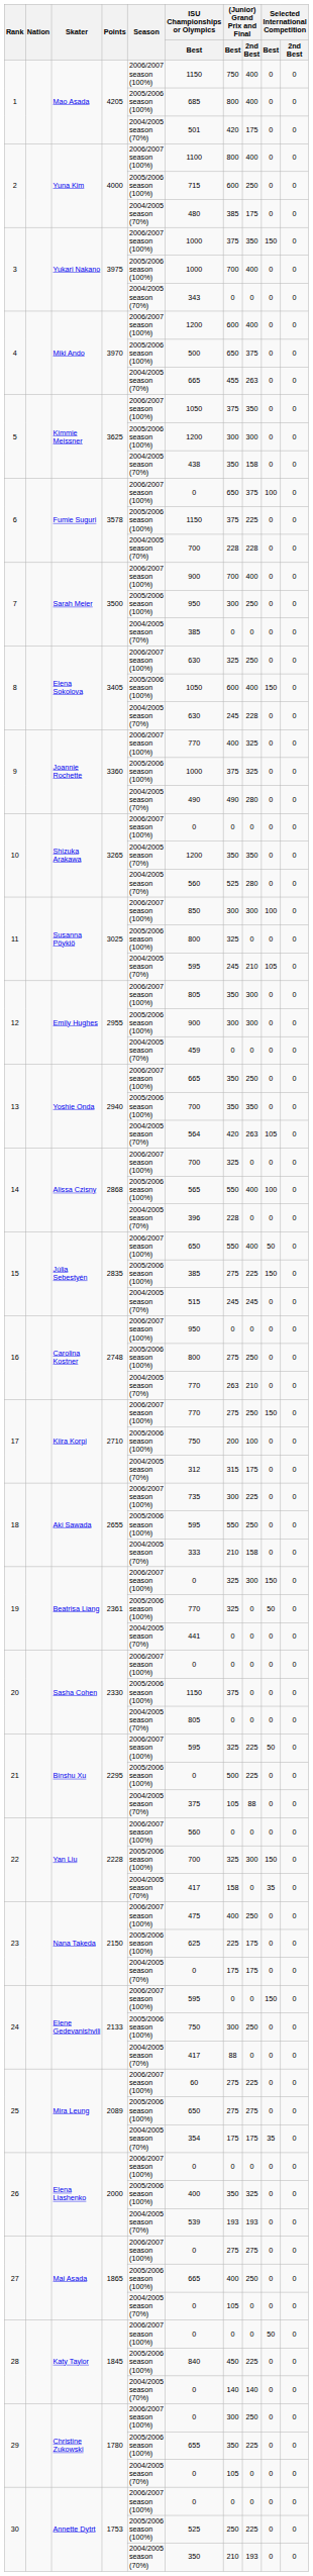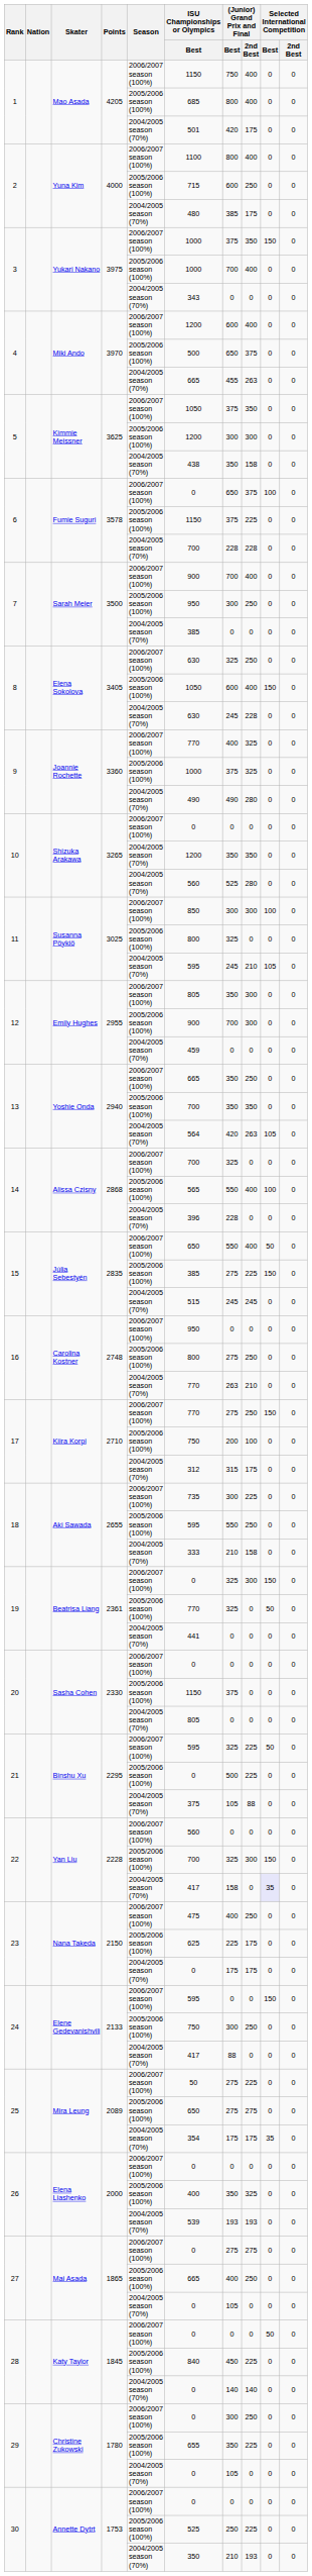 <table class="wikitable sortable" style="text-align: center;">
 <tr>
 <th rowspan="2">Rank</th>
 <th rowspan="2">Nation</th>
 <th rowspan="2">Skater</th>
 <th rowspan="2">Points</th>
 <th rowspan="2">Season</th>
 <th>ISU <br> Championships <br> or Olympics</th>
 <th colspan="2">(Junior) Grand <br> Prix and Final</th>
 <th colspan="2">Selected <br> International <br> Competition</th>
 </tr>
 <tr>
 <th>Best</th>
 <th>Best</th>
 <th>2nd Best</th>
 <th>Best</th>
 <th>2nd Best</th>
 </tr>
 <tr>
 <td rowspan="3">1</td>
 <td rowspan="3" style="text-align: left;"></td>
 <td rowspan="3" style="text-align: left;"><a href='#'>Mao Asada</a></td>
 <td rowspan="3">4205</td>
 <td style="text-align: left;">2006/2007 season (100%)</td>
 <td>1150</td>
 <td>750</td>
 <td>400</td>
 <td>0</td>
 <td>0</td>
 </tr>
 <tr>
 <td style="text-align: left;">2005/2006 season (100%)</td>
 <td>685</td>
 <td>800</td>
 <td>400</td>
 <td>0</td>
 <td>0</td>
 </tr>
 <tr>
 <td style="text-align: left;">2004/2005 season (70%)</td>
 <td>501</td>
 <td>420</td>
 <td>175</td>
 <td>0</td>
 <td>0</td>
 </tr>
 <tr>
 <td rowspan="3">2</td>
 <td rowspan="3" style="text-align: left;"></td>
 <td rowspan="3" style="text-align: left;"><a href='#'>Yuna Kim</a></td>
 <td rowspan="3">4000</td>
 <td style="text-align: left;">2006/2007 season (100%)</td>
 <td>1100</td>
 <td>800</td>
 <td>400</td>
 <td>0</td>
 <td>0</td>
 </tr>
 <tr>
 <td style="text-align: left;">2005/2006 season (100%)</td>
 <td>715</td>
 <td>600</td>
 <td>250</td>
 <td>0</td>
 <td>0</td>
 </tr>
 <tr>
 <td style="text-align: left;">2004/2005 season (70%)</td>
 <td>480</td>
 <td>385</td>
 <td>175</td>
 <td>0</td>
 <td>0</td>
 </tr>
 <tr>
 <td rowspan="3">3</td>
 <td rowspan="3" style="text-align: left;"></td>
 <td rowspan="3" style="text-align: left;"><a href='#'>Yukari Nakano</a></td>
 <td rowspan="3">3975</td>
 <td style="text-align: left;">2006/2007 season (100%)</td>
 <td>1000</td>
 <td>375</td>
 <td>350</td>
 <td>150</td>
 <td>0</td>
 </tr>
 <tr>
 <td style="text-align: left;">2005/2006 season (100%)</td>
 <td>1000</td>
 <td>700</td>
 <td>400</td>
 <td>0</td>
 <td>0</td>
 </tr>
 <tr>
 <td style="text-align: left;">2004/2005 season (70%)</td>
 <td>343</td>
 <td>0</td>
 <td>0</td>
 <td>0</td>
 <td>0</td>
 </tr>
 <tr>
 <td rowspan="3">4</td>
 <td rowspan="3" style="text-align: left;"></td>
 <td rowspan="3" style="text-align: left;"><a href='#'>Miki Ando</a></td>
 <td rowspan="3">3970</td>
 <td style="text-align: left;">2006/2007 season (100%)</td>
 <td>1200</td>
 <td>600</td>
 <td>400</td>
 <td>0</td>
 <td>0</td>
 </tr>
 <tr>
 <td style="text-align: left;">2005/2006 season (100%)</td>
 <td>500</td>
 <td>650</td>
 <td>375</td>
 <td>0</td>
 <td>0</td>
 </tr>
 <tr>
 <td style="text-align: left;">2004/2005 season (70%)</td>
 <td>665</td>
 <td>455</td>
 <td>263</td>
 <td>0</td>
 <td>0</td>
 </tr>
 <tr>
 <td rowspan="3">5</td>
 <td rowspan="3" style="text-align: left;"></td>
 <td rowspan="3" style="text-align: left;"><a href='#'>Kimmie Meissner</a></td>
 <td rowspan="3">3625</td>
 <td style="text-align: left;">2006/2007 season (100%)</td>
 <td>1050</td>
 <td>375</td>
 <td>350</td>
 <td>0</td>
 <td>0</td>
 </tr>
 <tr>
 <td style="text-align: left;">2005/2006 season (100%)</td>
 <td>1200</td>
 <td>300</td>
 <td>300</td>
 <td>0</td>
 <td>0</td>
 </tr>
 <tr>
 <td style="text-align: left;">2004/2005 season (70%)</td>
 <td>438</td>
 <td>350</td>
 <td>158</td>
 <td>0</td>
 <td>0</td>
 </tr>
 <tr>
 <td rowspan="3">6</td>
 <td rowspan="3" style="text-align: left;"></td>
 <td rowspan="3" style="text-align: left;"><a href='#'>Fumie Suguri</a></td>
 <td rowspan="3">3578</td>
 <td style="text-align: left;">2006/2007 season (100%)</td>
 <td>0</td>
 <td>650</td>
 <td>375</td>
 <td>100</td>
 <td>0</td>
 </tr>
 <tr>
 <td style="text-align: left;">2005/2006 season (100%)</td>
 <td>1150</td>
 <td>375</td>
 <td>225</td>
 <td>0</td>
 <td>0</td>
 </tr>
 <tr>
 <td style="text-align: left;">2004/2005 season (70%)</td>
 <td>700</td>
 <td>228</td>
 <td>228</td>
 <td>0</td>
 <td>0</td>
 </tr>
 <tr>
 <td rowspan="3">7</td>
 <td rowspan="3" style="text-align: left;"></td>
 <td rowspan="3" style="text-align: left;"><a href='#'>Sarah Meier</a></td>
 <td rowspan="3">3500</td>
 <td style="text-align: left;">2006/2007 season (100%)</td>
 <td>900</td>
 <td>700</td>
 <td>400</td>
 <td>0</td>
 <td>0</td>
 </tr>
 <tr>
 <td style="text-align: left;">2005/2006 season (100%)</td>
 <td>950</td>
 <td>300</td>
 <td>250</td>
 <td>0</td>
 <td>0</td>
 </tr>
 <tr>
 <td style="text-align: left;">2004/2005 season (70%)</td>
 <td>385</td>
 <td>0</td>
 <td>0</td>
 <td>0</td>
 <td>0</td>
 </tr>
 <tr>
 <td rowspan="3">8</td>
 <td rowspan="3" style="text-align: left;"></td>
 <td rowspan="3" style="text-align: left;"><a href='#'>Elena Sokolova</a></td>
 <td rowspan="3">3405</td>
 <td style="text-align: left;">2006/2007 season (100%)</td>
 <td>630</td>
 <td>325</td>
 <td>250</td>
 <td>0</td>
 <td>0</td>
 </tr>
 <tr>
 <td style="text-align: left;">2005/2006 season (100%)</td>
 <td>1050</td>
 <td>600</td>
 <td>400</td>
 <td>150</td>
 <td>0</td>
 </tr>
 <tr>
 <td style="text-align: left;">2004/2005 season (70%)</td>
 <td>630</td>
 <td>245</td>
 <td>228</td>
 <td>0</td>
 <td>0</td>
 </tr>
 <tr>
 <td rowspan="3">9</td>
 <td rowspan="3" style="text-align: left;"></td>
 <td rowspan="3" style="text-align: left;"><a href='#'>Joannie Rochette</a></td>
 <td rowspan="3">3360</td>
 <td style="text-align: left;">2006/2007 season (100%)</td>
 <td>770</td>
 <td>400</td>
 <td>325</td>
 <td>0</td>
 <td>0</td>
 </tr>
 <tr>
 <td style="text-align: left;">2005/2006 season (100%)</td>
 <td>1000</td>
 <td>375</td>
 <td>325</td>
 <td>0</td>
 <td>0</td>
 </tr>
 <tr>
 <td style="text-align: left;">2004/2005 season (70%)</td>
 <td>490</td>
 <td>490</td>
 <td>280</td>
 <td>0</td>
 <td>0</td>
 </tr>
 <tr>
 <td rowspan="3">10</td>
 <td rowspan="3" style="text-align: left;"></td>
 <td rowspan="3" style="text-align: left;"><a href='#'>Shizuka Arakawa</a></td>
 <td rowspan="3">3265</td>
 <td style="text-align: left;">2006/2007 season (100%)</td>
 <td>0</td>
 <td>0</td>
 <td>0</td>
 <td>0</td>
 <td>0</td>
 </tr>
 <tr>
 <td style="text-align: left;">2004/2005 season (70%)</td>
 <td>1200</td>
 <td>350</td>
 <td>350</td>
 <td>0</td>
 <td>0</td>
 </tr>
 <tr>
 <td style="text-align: left;">2004/2005 season (70%)</td>
 <td>560</td>
 <td>525</td>
 <td>280</td>
 <td>0</td>
 <td>0</td>
 </tr>
 <tr>
 <td rowspan="3">11</td>
 <td rowspan="3" style="text-align: left;"></td>
 <td rowspan="3" style="text-align: left;"><a href='#'>Susanna Pöykiö</a></td>
 <td rowspan="3">3025</td>
 <td style="text-align: left;">2006/2007 season (100%)</td>
 <td>850</td>
 <td>300</td>
 <td>300</td>
 <td>100</td>
 <td>0</td>
 </tr>
 <tr>
 <td style="text-align: left;">2005/2006 season (100%)</td>
 <td>800</td>
 <td>325</td>
 <td>0</td>
 <td>0</td>
 <td>0</td>
 </tr>
 <tr>
 <td style="text-align: left;">2004/2005 season (70%)</td>
 <td>595</td>
 <td>245</td>
 <td>210</td>
 <td>105</td>
 <td>0</td>
 </tr>
 <tr>
 <td rowspan="3">12</td>
 <td rowspan="3" style="text-align: left;"></td>
 <td rowspan="3" style="text-align: left;"><a href='#'>Emily Hughes</a></td>
 <td rowspan="3">2955</td>
 <td style="text-align: left;">2006/2007 season (100%)</td>
 <td>805</td>
 <td>350</td>
 <td>300</td>
 <td>0</td>
 <td>0</td>
 </tr>
 <tr>
 <td style="text-align: left;">2005/2006 season (100%)</td>
 <td>900</td>
-<td>300</td>
+<td>700</td>
 <td>300</td>
 <td>0</td>
 <td>0</td>
 </tr>
 <tr>
 <td style="text-align: left;">2004/2005 season (70%)</td>
 <td>459</td>
 <td>0</td>
 <td>0</td>
 <td>0</td>
 <td>0</td>
 </tr>
 <tr>
 <td rowspan="3">13</td>
 <td rowspan="3" style="text-align: left;"></td>
 <td rowspan="3" style="text-align: left;"><a href='#'>Yoshie Onda</a></td>
 <td rowspan="3">2940</td>
 <td style="text-align: left;">2006/2007 season (100%)</td>
 <td>665</td>
 <td>350</td>
 <td>250</td>
 <td>0</td>
 <td>0</td>
 </tr>
 <tr>
 <td style="text-align: left;">2005/2006 season (100%)</td>
 <td>700</td>
 <td>350</td>
 <td>350</td>
 <td>0</td>
 <td>0</td>
 </tr>
 <tr>
 <td style="text-align: left;">2004/2005 season (70%)</td>
 <td>564</td>
 <td>420</td>
 <td>263</td>
 <td>105</td>
 <td>0</td>
 </tr>
 <tr>
 <td rowspan="3">14</td>
 <td rowspan="3" style="text-align: left;"></td>
 <td rowspan="3" style="text-align: left;"><a href='#'>Alissa Czisny</a></td>
 <td rowspan="3">2868</td>
 <td style="text-align: left;">2006/2007 season (100%)</td>
 <td>700</td>
 <td>325</td>
 <td>0</td>
 <td>0</td>
 <td>0</td>
 </tr>
 <tr>
 <td style="text-align: left;">2005/2006 season (100%)</td>
 <td>565</td>
 <td>550</td>
 <td>400</td>
 <td>100</td>
 <td>0</td>
 </tr>
 <tr>
 <td style="text-align: left;">2004/2005 season (70%)</td>
 <td>396</td>
 <td>228</td>
 <td>0</td>
 <td>0</td>
 <td>0</td>
 </tr>
 <tr>
 <td rowspan="3">15</td>
 <td rowspan="3" style="text-align: left;"></td>
 <td rowspan="3" style="text-align: left;"><a href='#'>Júlia Sebestyén</a></td>
 <td rowspan="3">2835</td>
 <td style="text-align: left;">2006/2007 season (100%)</td>
 <td>650</td>
 <td>550</td>
 <td>400</td>
 <td>50</td>
 <td>0</td>
 </tr>
 <tr>
 <td style="text-align: left;">2005/2006 season (100%)</td>
 <td>385</td>
 <td>275</td>
 <td>225</td>
 <td>150</td>
 <td>0</td>
 </tr>
 <tr>
 <td style="text-align: left;">2004/2005 season (70%)</td>
 <td>515</td>
 <td>245</td>
 <td>245</td>
 <td>0</td>
 <td>0</td>
 </tr>
 <tr>
 <td rowspan="3">16</td>
 <td rowspan="3" style="text-align: left;"></td>
 <td rowspan="3" style="text-align: left;"><a href='#'>Carolina Kostner</a></td>
 <td rowspan="3">2748</td>
 <td style="text-align: left;">2006/2007 season (100%)</td>
 <td>950</td>
 <td>0</td>
 <td>0</td>
 <td>0</td>
 <td>0</td>
 </tr>
 <tr>
 <td style="text-align: left;">2005/2006 season (100%)</td>
 <td>800</td>
 <td>275</td>
 <td>250</td>
 <td>0</td>
 <td>0</td>
 </tr>
 <tr>
 <td style="text-align: left;">2004/2005 season (70%)</td>
 <td>770</td>
 <td>263</td>
 <td>210</td>
 <td>0</td>
 <td>0</td>
 </tr>
 <tr>
 <td rowspan="3">17</td>
 <td rowspan="3" style="text-align: left;"></td>
 <td rowspan="3" style="text-align: left;"><a href='#'>Kiira Korpi</a></td>
 <td rowspan="3">2710</td>
 <td style="text-align: left;">2006/2007 season (100%)</td>
 <td>770</td>
 <td>275</td>
 <td>250</td>
 <td>150</td>
 <td>0</td>
 </tr>
 <tr>
 <td style="text-align: left;">2005/2006 season (100%)</td>
 <td>750</td>
 <td>200</td>
 <td>100</td>
 <td>0</td>
 <td>0</td>
 </tr>
 <tr>
 <td style="text-align: left;">2004/2005 season (70%)</td>
 <td>312</td>
 <td>315</td>
 <td>175</td>
 <td>0</td>
 <td>0</td>
 </tr>
 <tr>
 <td rowspan="3">18</td>
 <td rowspan="3" style="text-align: left;"></td>
 <td rowspan="3" style="text-align: left;"><a href='#'>Aki Sawada</a></td>
 <td rowspan="3">2655</td>
 <td style="text-align: left;">2006/2007 season (100%)</td>
 <td>735</td>
 <td>300</td>
 <td>225</td>
 <td>0</td>
 <td>0</td>
 </tr>
 <tr>
 <td style="text-align: left;">2005/2006 season (100%)</td>
 <td>595</td>
 <td>550</td>
 <td>250</td>
 <td>0</td>
 <td>0</td>
 </tr>
 <tr>
 <td style="text-align: left;">2004/2005 season (70%)</td>
 <td>333</td>
 <td>210</td>
 <td>158</td>
 <td>0</td>
 <td>0</td>
 </tr>
 <tr>
 <td rowspan="3">19</td>
 <td rowspan="3" style="text-align: left;"></td>
 <td rowspan="3" style="text-align: left;"><a href='#'>Beatrisa Liang</a></td>
 <td rowspan="3">2361</td>
 <td style="text-align: left;">2006/2007 season (100%)</td>
 <td>0</td>
 <td>325</td>
 <td>300</td>
 <td>150</td>
 <td>0</td>
 </tr>
 <tr>
 <td style="text-align: left;">2005/2006 season (100%)</td>
 <td>770</td>
 <td>325</td>
 <td>0</td>
 <td>50</td>
 <td>0</td>
 </tr>
 <tr>
 <td style="text-align: left;">2004/2005 season (70%)</td>
 <td>441</td>
 <td>0</td>
 <td>0</td>
 <td>0</td>
 <td>0</td>
 </tr>
 <tr>
 <td rowspan="3">20</td>
 <td rowspan="3" style="text-align: left;"></td>
 <td rowspan="3" style="text-align: left;"><a href='#'>Sasha Cohen</a></td>
 <td rowspan="3">2330</td>
 <td style="text-align: left;">2006/2007 season (100%)</td>
 <td>0</td>
 <td>0</td>
 <td>0</td>
 <td>0</td>
 <td>0</td>
 </tr>
 <tr>
 <td style="text-align: left;">2005/2006 season (100%)</td>
 <td>1150</td>
 <td>375</td>
 <td>0</td>
 <td>0</td>
 <td>0</td>
 </tr>
 <tr>
 <td style="text-align: left;">2004/2005 season (70%)</td>
 <td>805</td>
 <td>0</td>
 <td>0</td>
 <td>0</td>
 <td>0</td>
 </tr>
 <tr>
 <td rowspan="3">21</td>
 <td rowspan="3" style="text-align: left;"></td>
 <td rowspan="3" style="text-align: left;"><a href='#'>Binshu Xu</a></td>
 <td rowspan="3">2295</td>
 <td style="text-align: left;">2006/2007 season (100%)</td>
 <td>595</td>
 <td>325</td>
 <td>225</td>
 <td>50</td>
 <td>0</td>
 </tr>
 <tr>
 <td style="text-align: left;">2005/2006 season (100%)</td>
 <td>0</td>
 <td>500</td>
 <td>225</td>
 <td>0</td>
 <td>0</td>
 </tr>
 <tr>
 <td style="text-align: left;">2004/2005 season (70%)</td>
 <td>375</td>
 <td>105</td>
 <td>88</td>
 <td>0</td>
 <td>0</td>
 </tr>
 <tr>
 <td rowspan="3">22</td>
 <td rowspan="3" style="text-align: left;"></td>
 <td rowspan="3" style="text-align: left;"><a href='#'>Yan Liu</a></td>
 <td rowspan="3">2228</td>
 <td style="text-align: left;">2006/2007 season (100%)</td>
 <td>560</td>
 <td>0</td>
 <td>0</td>
 <td>0</td>
 <td>0</td>
 </tr>
 <tr>
 <td style="text-align: left;">2005/2006 season (100%)</td>
 <td>700</td>
 <td>325</td>
 <td>300</td>
 <td>150</td>
 <td>0</td>
 </tr>
 <tr>
 <td style="text-align: left;">2004/2005 season (70%)</td>
 <td>417</td>
 <td>158</td>
 <td>0</td>
-<td>35</td>
+<td style="background: lavender;">35</td>
 <td>0</td>
 </tr>
 <tr>
 <td rowspan="3">23</td>
 <td rowspan="3" style="text-align: left;"></td>
 <td rowspan="3" style="text-align: left;"><a href='#'>Nana Takeda</a></td>
 <td rowspan="3">2150</td>
 <td style="text-align: left;">2006/2007 season (100%)</td>
 <td>475</td>
 <td>400</td>
 <td>250</td>
 <td>0</td>
 <td>0</td>
 </tr>
 <tr>
 <td style="text-align: left;">2005/2006 season (100%)</td>
 <td>625</td>
 <td>225</td>
 <td>175</td>
 <td>0</td>
 <td>0</td>
 </tr>
 <tr>
 <td style="text-align: left;">2004/2005 season (70%)</td>
 <td>0</td>
 <td>175</td>
 <td>175</td>
 <td>0</td>
 <td>0</td>
 </tr>
 <tr>
 <td rowspan="3">24</td>
 <td rowspan="3" style="text-align: left;"></td>
 <td rowspan="3" style="text-align: left;"><a href='#'>Elene Gedevanishvili</a></td>
 <td rowspan="3">2133</td>
 <td style="text-align: left;">2006/2007 season (100%)</td>
 <td>595</td>
 <td>0</td>
 <td>0</td>
 <td>150</td>
 <td>0</td>
 </tr>
 <tr>
 <td style="text-align: left;">2005/2006 season (100%)</td>
 <td>750</td>
 <td>300</td>
 <td>250</td>
 <td>0</td>
 <td>0</td>
 </tr>
 <tr>
 <td style="text-align: left;">2004/2005 season (70%)</td>
 <td>417</td>
 <td>88</td>
 <td>0</td>
 <td>0</td>
 <td>0</td>
 </tr>
 <tr>
 <td rowspan="3">25</td>
 <td rowspan="3" style="text-align: left;"></td>
 <td rowspan="3" style="text-align: left;"><a href='#'>Mira Leung</a></td>
 <td rowspan="3">2089</td>
 <td style="text-align: left;">2006/2007 season (100%)</td>
-<td>60</td>
+<td>50</td>
 <td>275</td>
 <td>225</td>
 <td>0</td>
 <td>0</td>
 </tr>
 <tr>
 <td style="text-align: left;">2005/2006 season (100%)</td>
 <td>650</td>
 <td>275</td>
 <td>275</td>
 <td>0</td>
 <td>0</td>
 </tr>
 <tr>
 <td style="text-align: left;">2004/2005 season (70%)</td>
 <td>354</td>
 <td>175</td>
 <td>175</td>
 <td>35</td>
 <td>0</td>
 </tr>
 <tr>
 <td rowspan="3">26</td>
 <td rowspan="3" style="text-align: left;"></td>
 <td rowspan="3" style="text-align: left;"><a href='#'>Elena Liashenko</a></td>
 <td rowspan="3">2000</td>
 <td style="text-align: left;">2006/2007 season (100%)</td>
 <td>0</td>
 <td>0</td>
 <td>0</td>
 <td>0</td>
 <td>0</td>
 </tr>
 <tr>
 <td style="text-align: left;">2005/2006 season (100%)</td>
 <td>400</td>
 <td>350</td>
 <td>325</td>
 <td>0</td>
 <td>0</td>
 </tr>
 <tr>
 <td style="text-align: left;">2004/2005 season (70%)</td>
 <td>539</td>
 <td>193</td>
 <td>193</td>
 <td>0</td>
 <td>0</td>
 </tr>
 <tr>
 <td rowspan="3">27</td>
 <td rowspan="3" style="text-align: left;"></td>
 <td rowspan="3" style="text-align: left;"><a href='#'>Mai Asada</a></td>
 <td rowspan="3">1865</td>
 <td style="text-align: left;">2006/2007 season (100%)</td>
 <td>0</td>
 <td>275</td>
 <td>275</td>
 <td>0</td>
 <td>0</td>
 </tr>
 <tr>
 <td style="text-align: left;">2005/2006 season (100%)</td>
 <td>665</td>
 <td>400</td>
 <td>250</td>
 <td>0</td>
 <td>0</td>
 </tr>
 <tr>
 <td style="text-align: left;">2004/2005 season (70%)</td>
 <td>0</td>
 <td>105</td>
 <td>0</td>
 <td>0</td>
 <td>0</td>
 </tr>
 <tr>
 <td rowspan="3">28</td>
 <td rowspan="3" style="text-align: left;"></td>
 <td rowspan="3" style="text-align: left;"><a href='#'>Katy Taylor</a></td>
 <td rowspan="3">1845</td>
 <td style="text-align: left;">2006/2007 season (100%)</td>
 <td>0</td>
 <td>0</td>
 <td>0</td>
 <td>50</td>
 <td>0</td>
 </tr>
 <tr>
 <td style="text-align: left;">2005/2006 season (100%)</td>
 <td>840</td>
 <td>450</td>
 <td>225</td>
 <td>0</td>
 <td>0</td>
 </tr>
 <tr>
 <td style="text-align: left;">2004/2005 season (70%)</td>
 <td>0</td>
 <td>140</td>
 <td>140</td>
 <td>0</td>
 <td>0</td>
 </tr>
 <tr>
 <td rowspan="3">29</td>
 <td rowspan="3" style="text-align: left;"></td>
 <td rowspan="3" style="text-align: left;"><a href='#'>Christine Zukowski</a></td>
 <td rowspan="3">1780</td>
 <td style="text-align: left;">2006/2007 season (100%)</td>
 <td>0</td>
 <td>300</td>
 <td>250</td>
 <td>0</td>
 <td>0</td>
 </tr>
 <tr>
 <td style="text-align: left;">2005/2006 season (100%)</td>
 <td>655</td>
 <td>350</td>
 <td>225</td>
 <td>0</td>
 <td>0</td>
 </tr>
 <tr>
 <td style="text-align: left;">2004/2005 season (70%)</td>
 <td>0</td>
 <td>105</td>
 <td>0</td>
 <td>0</td>
 <td>0</td>
 </tr>
 <tr>
 <td rowspan="3">30</td>
 <td rowspan="3" style="text-align: left;"></td>
 <td rowspan="3" style="text-align: left;"><a href='#'>Annette Dytrt</a></td>
 <td rowspan="3">1753</td>
 <td style="text-align: left;">2006/2007 season (100%)</td>
 <td>0</td>
 <td>0</td>
 <td>0</td>
 <td>0</td>
 <td>0</td>
 </tr>
 <tr>
 <td style="text-align: left;">2005/2006 season (100%)</td>
 <td>525</td>
 <td>250</td>
 <td>225</td>
 <td>0</td>
 <td>0</td>
 </tr>
 <tr>
 <td style="text-align: left;">2004/2005 season (70%)</td>
 <td>350</td>
 <td>210</td>
 <td>193</td>
 <td>0</td>
 <td>0</td>
 </tr>
 </table>
